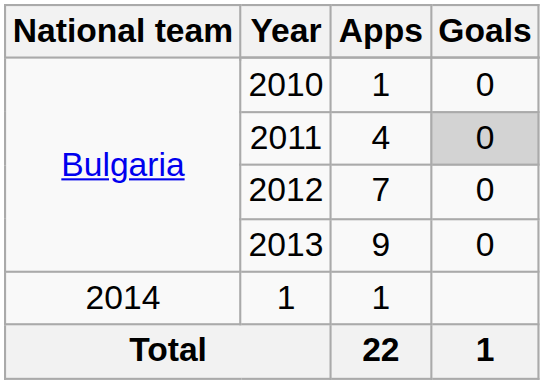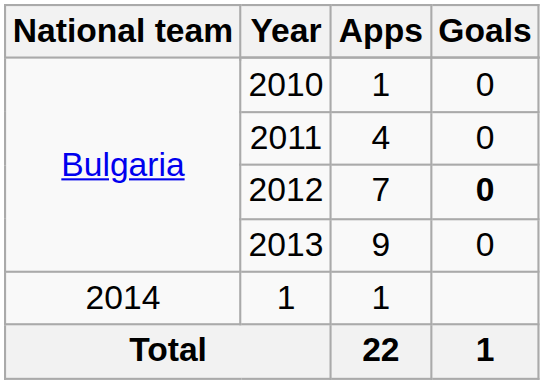 <table class="wikitable" style="text-align:center">
 <tr>
 <th>National team</th>
 <th>Year</th>
 <th>Apps</th>
 <th>Goals</th>
 </tr>
 <tr>
 <td rowspan=6><a href='#'>Bulgaria</a></td>
 </tr>
 <tr>
 </tr>
 <tr>
 <td>2010</td>
 <td>1</td>
 <td>0</td>
 </tr>
 <tr>
 <td>2011</td>
 <td>4</td>
-<td style="background: lightgrey;">0</td>
+<td>0</td>
 </tr>
 <tr>
 <td>2012</td>
 <td>7</td>
-<td>0</td>
+<td><strong>0</strong></td>
 </tr>
 <tr>
 <td>2013</td>
 <td>9</td>
 <td>0</td>
 </tr>
 <tr>
 <td>2014</td>
 <td>1</td>
 <td>1</td>
 </tr>
 <tr>
 <th colspan="2">Total</th>
 <th>22</th>
 <th>1</th>
 </tr>
 </table>
